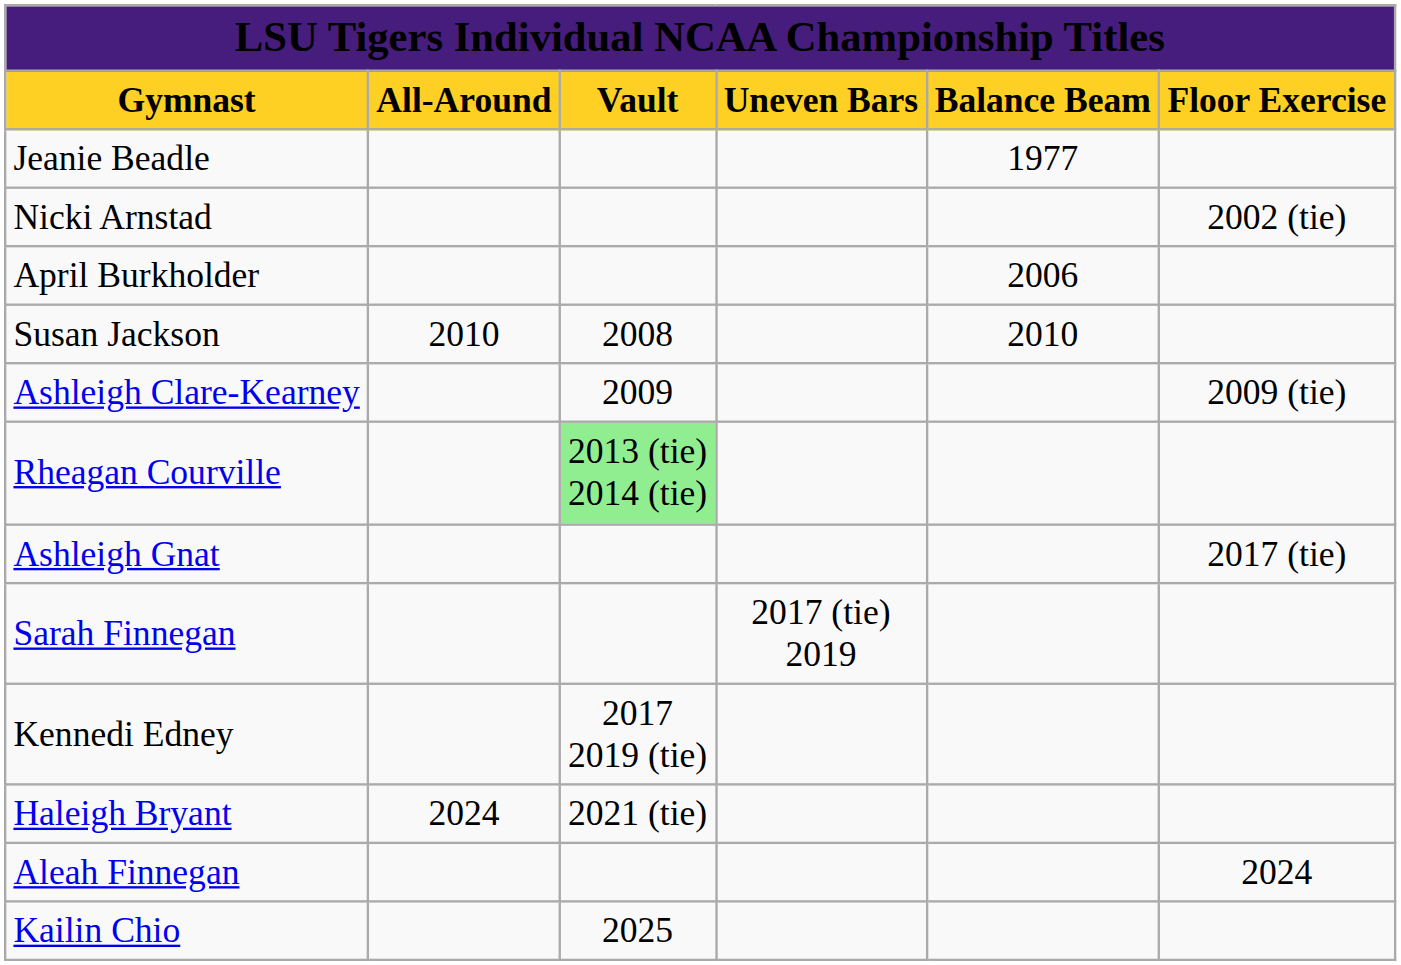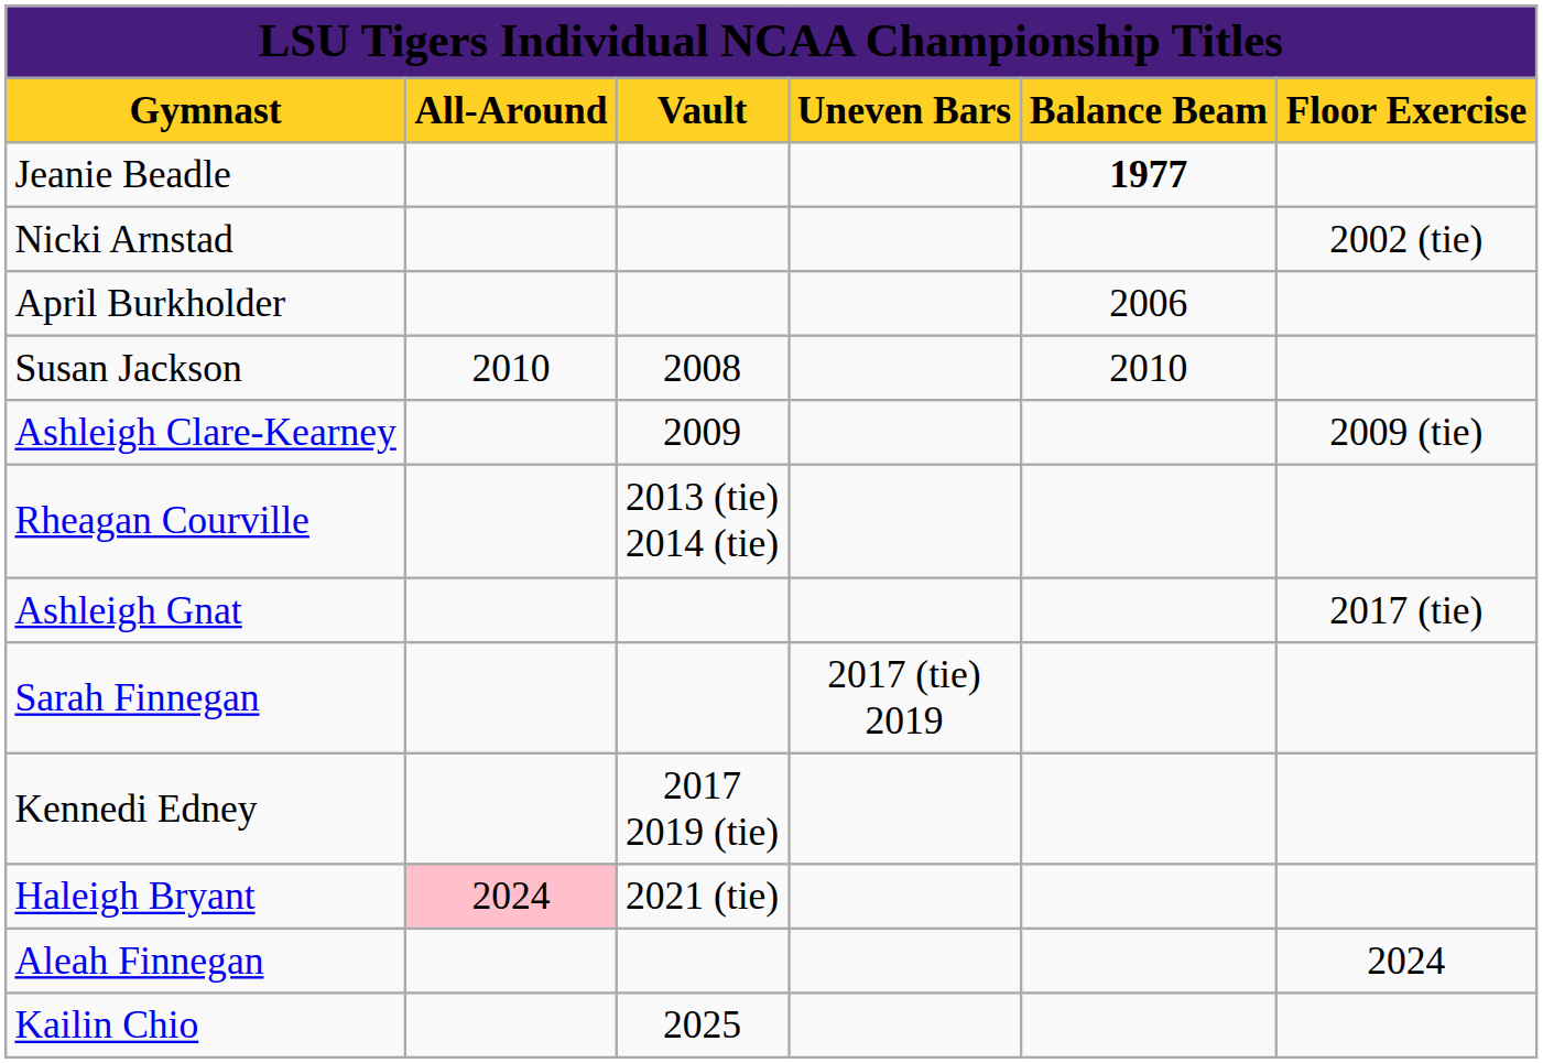 <table class="wikitable" style="text-align:center; font-size:95%;">
 <tr>
 <td colspan=6 align=center bgcolor="#461d7c"><big><span><strong>LSU Tigers Individual NCAA Championship Titles</strong></span></big></td>
 </tr>
 <tr>
 <th style="background:#fdd023; color:#000;"><strong>Gymnast</strong></th>
 <th style="background:#fdd023; color:#000;"><strong>All-Around</strong></th>
 <th style="background:#fdd023; color:#000;"><strong>Vault</strong></th>
 <th style="background:#fdd023; color:#000;"><strong>Uneven Bars</strong></th>
 <th style="background:#fdd023; color:#000;"><strong>Balance Beam</strong></th>
 <th style="background:#fdd023; color:#000;"><strong>Floor Exercise</strong></th>
 </tr>
 <tr align=center>
 <td align=left>Jeanie Beadle</td>
 <td></td>
 <td></td>
 <td></td>
-<td>1977</td>
+<td><strong>1977</strong></td>
 <td></td>
 </tr>
 <tr>
 <td align=left>Nicki Arnstad</td>
 <td></td>
 <td></td>
 <td></td>
 <td></td>
 <td>2002 (tie)</td>
 </tr>
 <tr>
 <td align=left>April Burkholder</td>
 <td></td>
 <td></td>
 <td></td>
 <td>2006</td>
 <td></td>
 </tr>
 <tr>
 <td align=left>Susan Jackson</td>
 <td>2010</td>
 <td>2008</td>
 <td></td>
 <td>2010</td>
 <td></td>
 </tr>
 <tr>
 <td align=left><a href='#'>Ashleigh Clare-Kearney</a></td>
 <td></td>
 <td>2009</td>
 <td></td>
 <td></td>
 <td>2009 (tie)</td>
 </tr>
 <tr>
 <td align=left><a href='#'>Rheagan Courville</a></td>
 <td></td>
-<td style="background: lightgreen;">2013 (tie)<br>2014 (tie)</td>
+<td>2013 (tie)<br>2014 (tie)</td>
 <td></td>
 <td></td>
 <td></td>
 </tr>
 <tr>
 <td align=left><a href='#'>Ashleigh Gnat</a></td>
 <td></td>
 <td></td>
 <td></td>
 <td></td>
 <td>2017 (tie)</td>
 </tr>
 <tr>
 <td align=left><a href='#'>Sarah Finnegan</a></td>
 <td></td>
 <td></td>
 <td>2017 (tie)<br>2019</td>
 <td></td>
 <td></td>
 </tr>
 <tr>
 <td align=left>Kennedi Edney</td>
 <td></td>
 <td>2017<br>2019 (tie)</td>
 <td></td>
 <td></td>
 <td></td>
 </tr>
 <tr>
 <td align=left><a href='#'>Haleigh Bryant</a></td>
-<td>2024</td>
+<td style="background: pink;">2024</td>
 <td>2021 (tie)</td>
 <td></td>
 <td></td>
 <td></td>
 </tr>
 <tr>
 <td align=left><a href='#'>Aleah Finnegan</a></td>
 <td></td>
 <td></td>
 <td></td>
 <td></td>
 <td>2024</td>
 </tr>
 <tr>
 <td align=left><a href='#'>Kailin Chio</a></td>
 <td></td>
 <td>2025</td>
 <td></td>
 <td></td>
 <td></td>
 </tr>
 </table>
